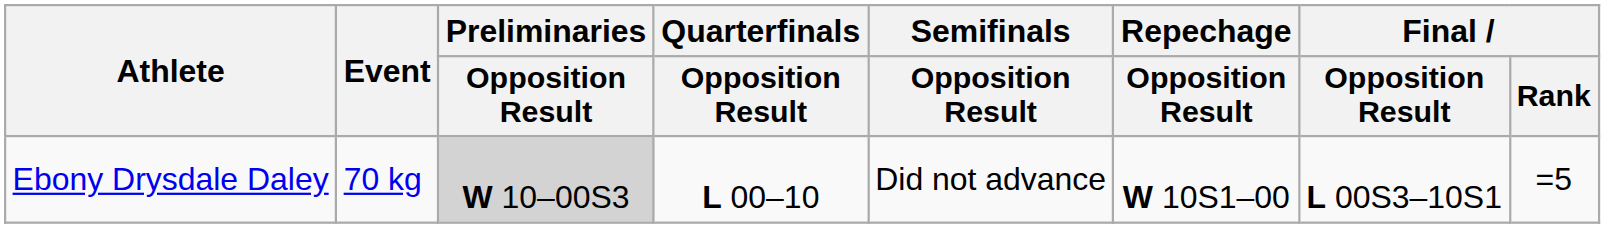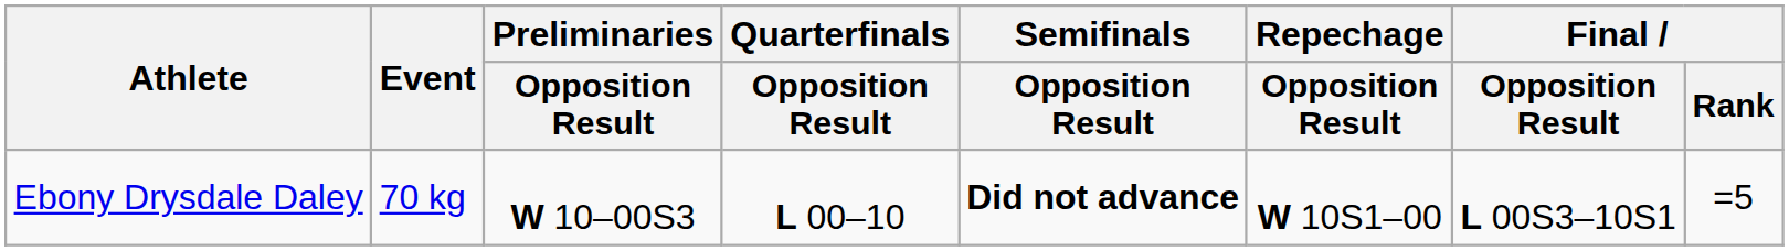 <table class="wikitable" style="font-size:90%">
 <tr>
 <th rowspan=2>Athlete</th>
 <th rowspan=2>Event</th>
 <th>Preliminaries</th>
 <th>Quarterfinals</th>
 <th>Semifinals</th>
 <th>Repechage</th>
 <th colspan=2>Final / </th>
 </tr>
 <tr style="font-size:95%">
 <th>Opposition<br>Result</th>
 <th>Opposition<br>Result</th>
 <th>Opposition<br>Result</th>
 <th>Opposition<br>Result</th>
 <th>Opposition<br>Result</th>
 <th>Rank</th>
 </tr>
 <tr align=center>
 <td align=left><a href='#'>Ebony Drysdale Daley</a></td>
 <td align=left><a href='#'>70 kg</a></td>
-<td style="background: lightgrey;"><br><strong>W</strong> 10–00S3</td>
+<td><br><strong>W</strong> 10–00S3</td>
 <td><br><strong>L</strong> 00–10</td>
-<td>Did not advance</td>
+<td><strong>Did not advance</strong></td>
 <td><br><strong>W</strong> 10S1–00</td>
 <td><br><strong>L</strong> 00S3–10S1</td>
 <td>=5</td>
 </tr>
 </table>
